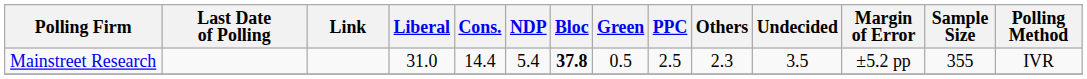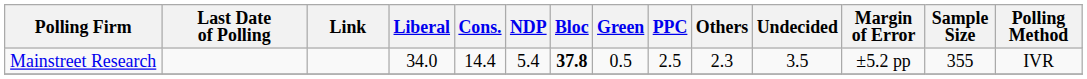 <table class="wikitable sortable" style="text-align:center;font-size:90%;line-height:14px;">
 <tr style="background:#e9e9e9;">
 <th style="width:120px">Polling Firm</th>
 <th style="width:110px">Last Date<br>of Polling</th>
 <th style="width:60px" class="unsortable">Link</th>
 <th style="background-color:"><a href='#'>Liberal</a></th>
 <th style="background-color:"><a href='#'>Cons.</a></th>
 <th style="background-color:"><a href='#'>NDP</a></th>
 <th style="background-color:"><a href='#'>Bloc</a></th>
 <th style="background-color:"><a href='#'>Green</a></th>
 <th style="background-color:"><a href='#'><span>PPC</span></a></th>
 <th style="background-color:">Others</th>
 <th style="background-color:">Undecided</th>
 <th style="width:60px;" class=unsortable>Margin<br>of Error</th>
 <th style="width:50px;" class=unsortable>Sample<br>Size</th>
 <th class=unsortable>Polling Method</th>
 </tr>
 <tr>
 <td><a href='#'>Mainstreet Research</a></td>
 <td></td>
 <td></td>
-<td>31.0</td>
+<td>34.0</td>
 <td>14.4</td>
 <td>5.4</td>
 <td style="background-color:"><strong>37.8</strong></td>
 <td>0.5</td>
 <td>2.5</td>
 <td>2.3</td>
 <td>3.5</td>
 <td>±5.2 pp</td>
 <td>355</td>
 <td>IVR</td>
 </tr>
 <tr>
 </tr>
 </table>
